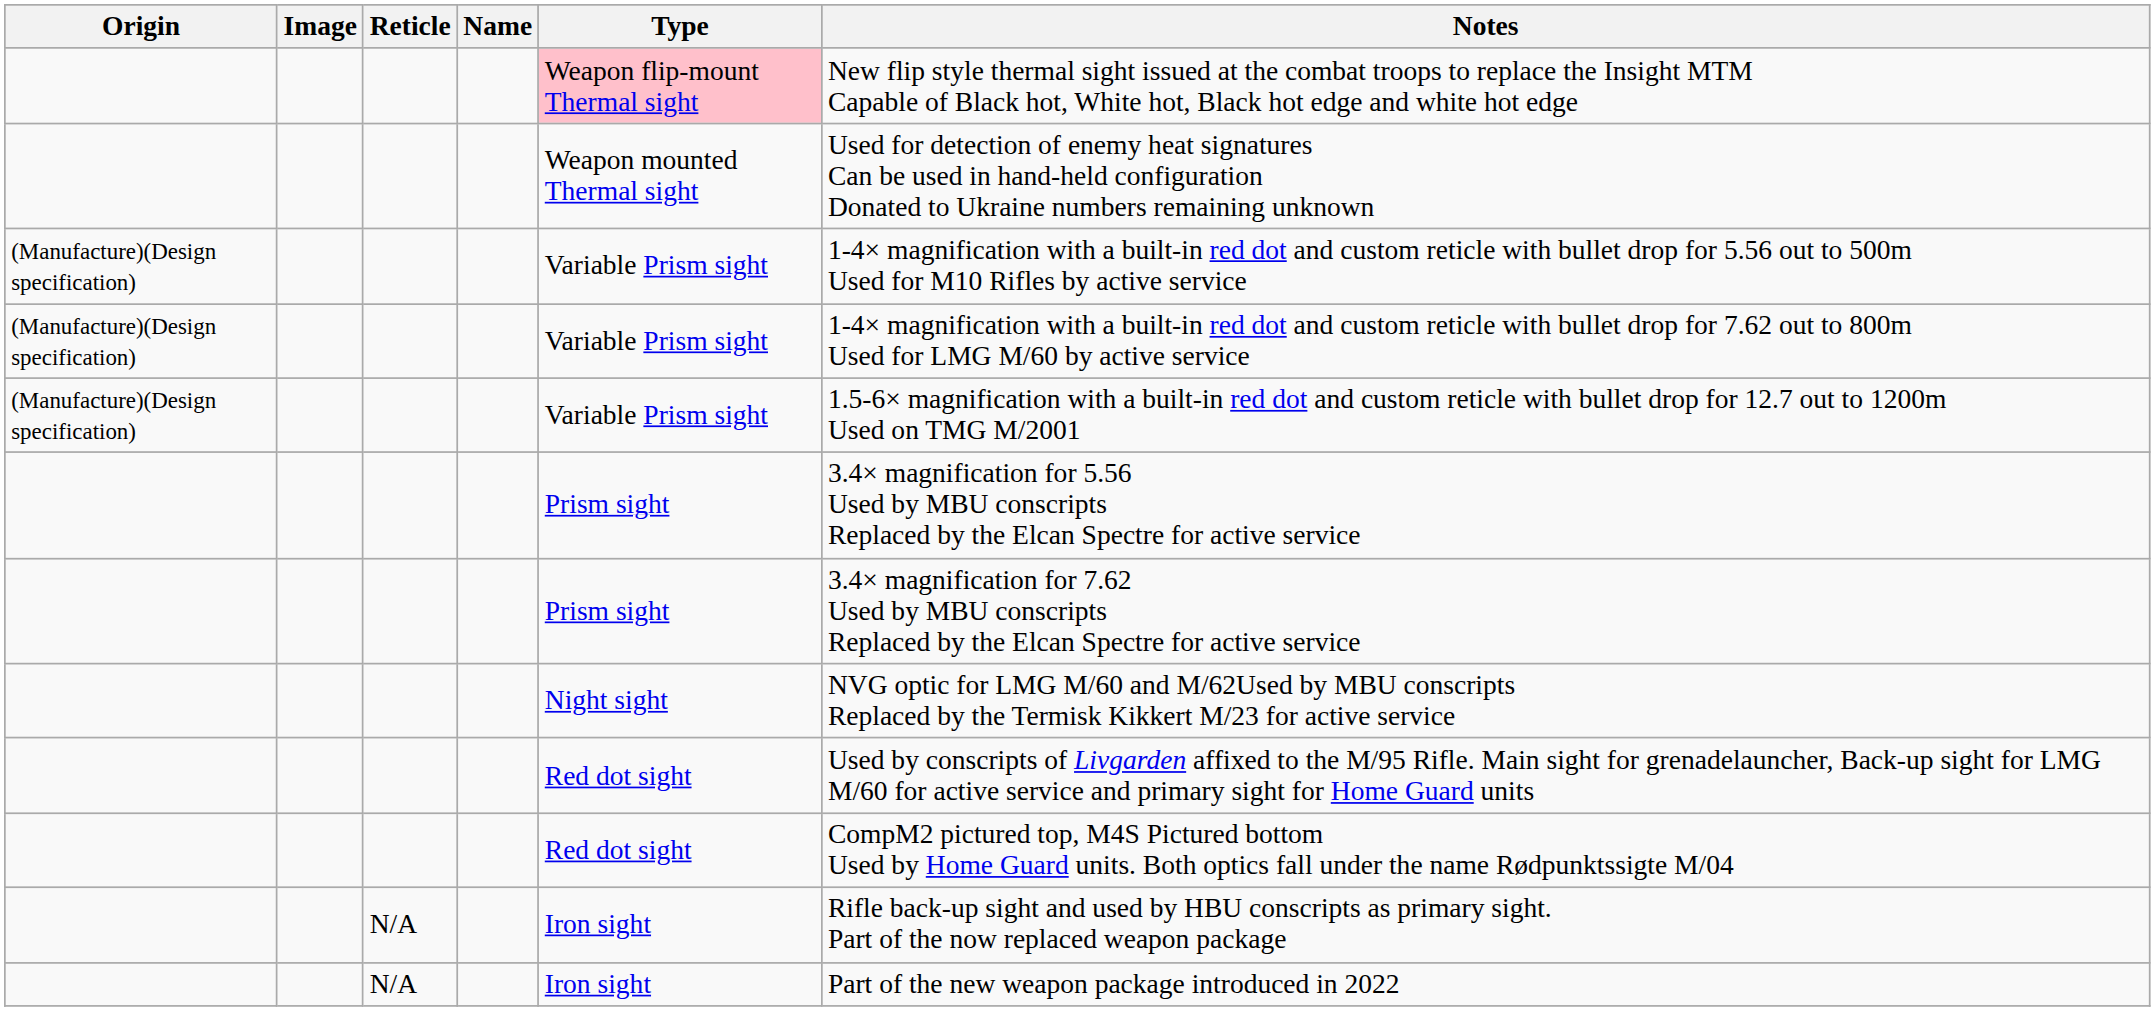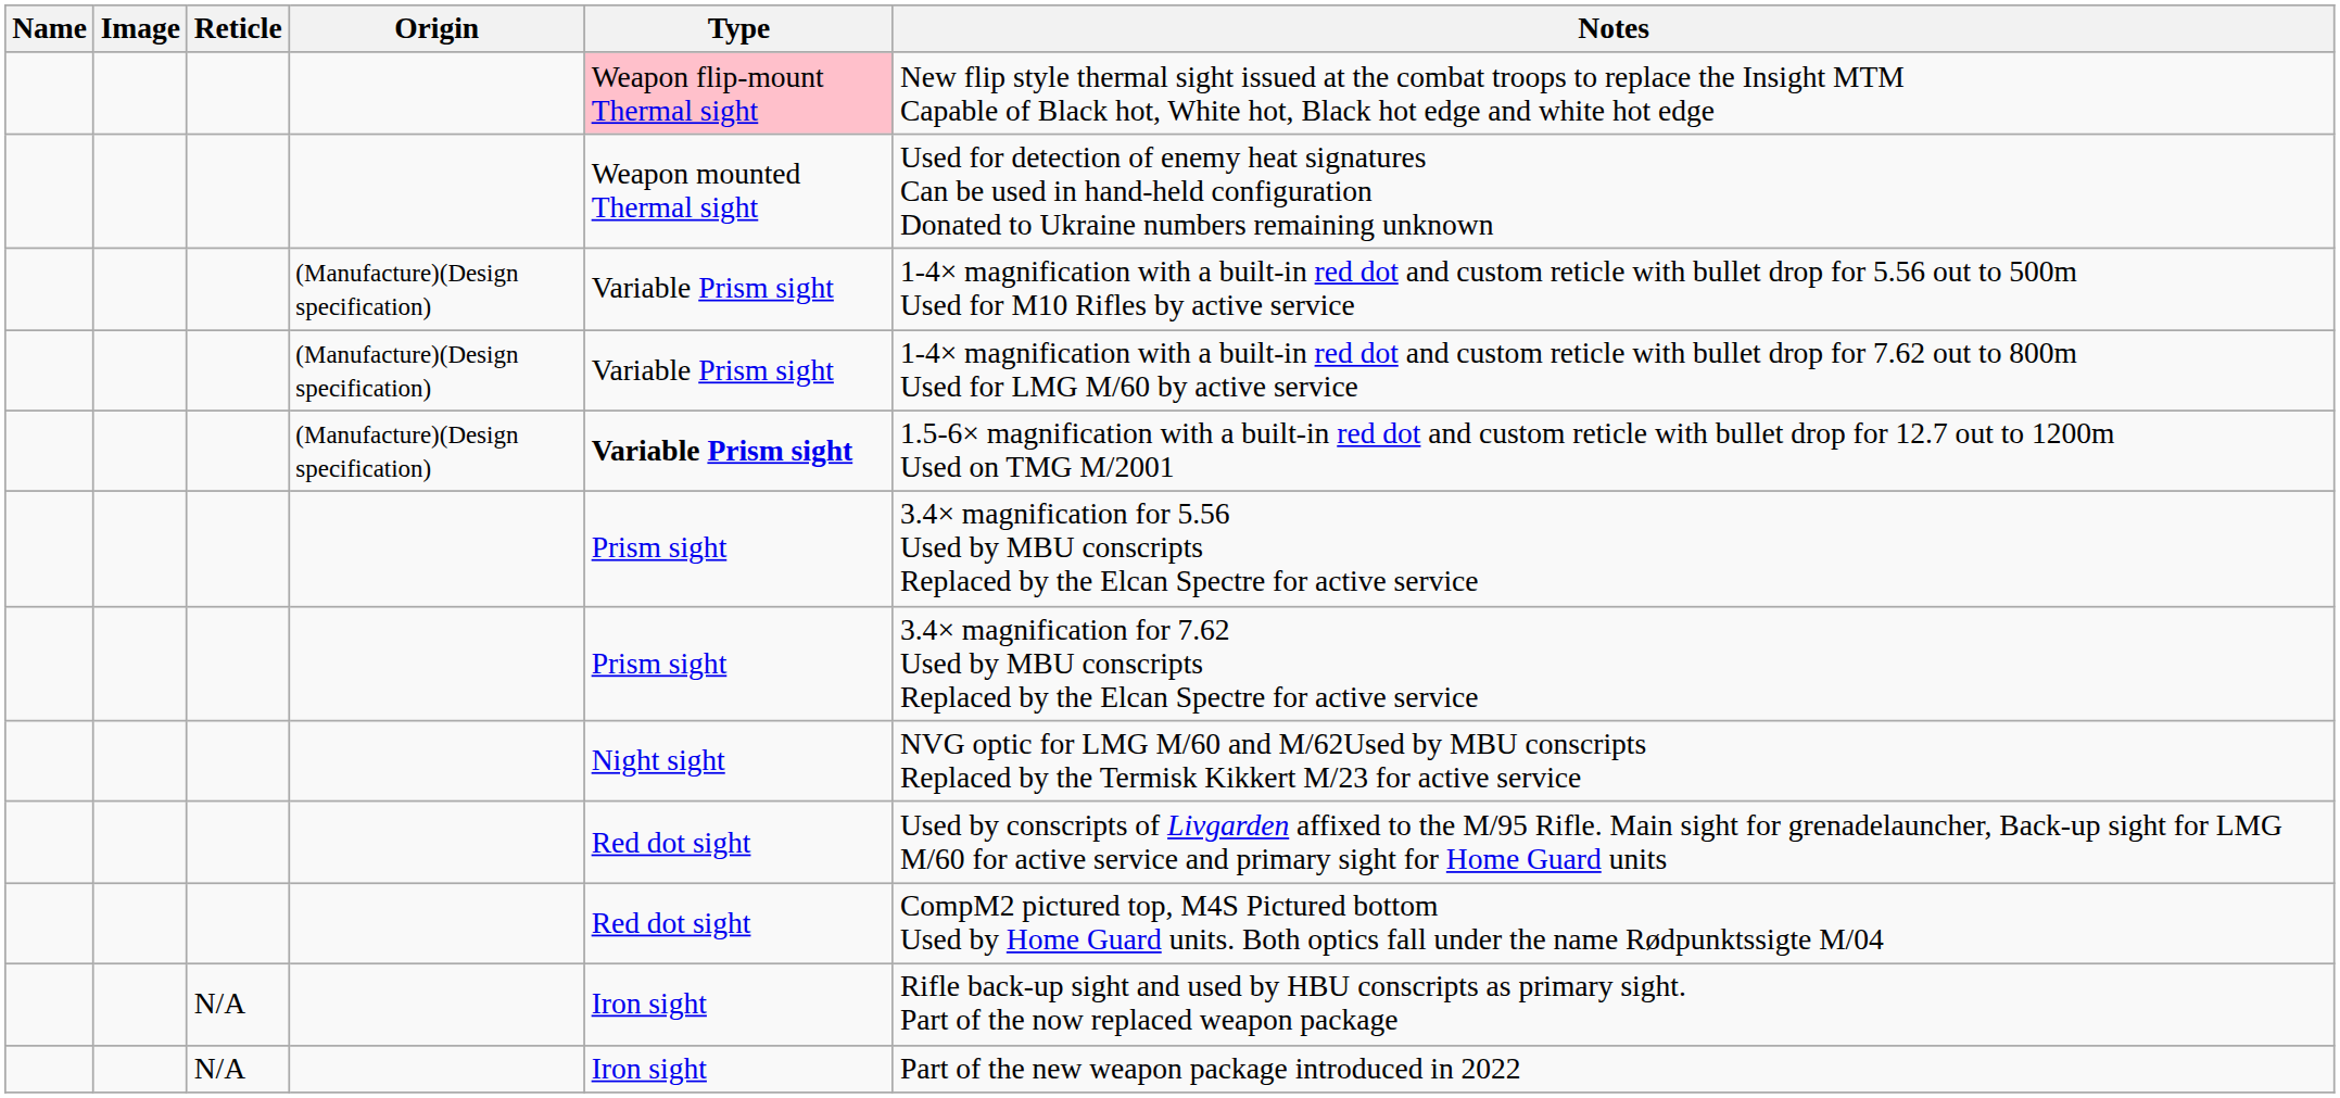 <table class="wikitable">
 <tr>
-<th>Origin</th>
+<th>Name</th>
 <th>Image</th>
 <th>Reticle</th>
-<th>Name</th>
+<th>Origin</th>
 <th>Type</th>
 <th>Notes</th>
 </tr>
 <tr>
 <td></td>
 <td></td>
 <td></td>
 <td></td>
 <td style="background: pink;">Weapon flip-mount <a href='#'>Thermal sight</a></td>
 <td>New flip style thermal sight issued at the combat troops to replace the Insight MTM<br>Capable of Black hot, White hot, Black hot edge and white hot edge</td>
 </tr>
 <tr>
 <td></td>
 <td></td>
 <td></td>
 <td></td>
 <td>Weapon mounted <a href='#'>Thermal sight</a></td>
 <td>Used for detection of enemy heat signatures<br>Can be used in hand-held configuration<br>Donated to Ukraine numbers remaining unknown</td>
 </tr>
 <tr>
-<td><small>(Manufacture)</small><small>(Design specification)</small></td>
 <td></td>
 <td></td>
 <td></td>
+<td><small>(Manufacture)</small><small>(Design specification)</small></td>
 <td>Variable <a href='#'>Prism sight</a></td>
 <td>1-4× magnification with a built-in <a href='#'>red dot</a> and custom reticle with bullet drop for 5.56 out to 500m<br>Used for M10 Rifles by active service</td>
 </tr>
 <tr>
-<td><small>(Manufacture)</small><small>(Design specification)</small></td>
 <td></td>
 <td></td>
 <td></td>
+<td><small>(Manufacture)</small><small>(Design specification)</small></td>
 <td>Variable <a href='#'>Prism sight</a></td>
 <td>1-4× magnification with a built-in <a href='#'>red dot</a> and custom reticle with bullet drop for 7.62 out to 800m<br>Used for LMG M/60 by active service</td>
 </tr>
 <tr>
-<td><small>(Manufacture)</small><small>(Design specification)</small></td>
 <td></td>
 <td></td>
 <td></td>
-<td>Variable <a href='#'>Prism sight</a></td>
+<td><small>(Manufacture)</small><small>(Design specification)</small></td>
+<td><strong>Variable <a href='#'>Prism sight</a></strong></td>
 <td>1.5-6× magnification with a built-in <a href='#'>red dot</a> and custom reticle with bullet drop for 12.7 out to 1200m<br>Used on TMG M/2001</td>
 </tr>
 <tr>
 <td></td>
 <td></td>
 <td></td>
 <td></td>
 <td><a href='#'>Prism sight</a></td>
 <td>3.4× magnification for 5.56<br>Used by MBU conscripts<br>Replaced by the Elcan Spectre for active service</td>
 </tr>
 <tr>
 <td></td>
 <td></td>
 <td></td>
 <td></td>
 <td><a href='#'>Prism sight</a></td>
 <td>3.4× magnification for 7.62<br>Used by MBU conscripts<br>Replaced by the Elcan Spectre for active service</td>
 </tr>
 <tr>
 <td></td>
 <td></td>
 <td></td>
 <td></td>
 <td><a href='#'>Night sight</a></td>
 <td>NVG optic for LMG M/60 and M/62Used by MBU conscripts<br>Replaced by the Termisk Kikkert M/23 for active service</td>
 </tr>
 <tr>
 <td></td>
 <td></td>
 <td></td>
 <td></td>
 <td><a href='#'>Red dot sight</a></td>
 <td>Used by conscripts of <a href='#'><em>Livgarden</em></a> affixed to the M/95 Rifle. Main sight for grenadelauncher, Back-up sight for LMG M/60 for active service and primary sight for <a href='#'>Home Guard</a> units</td>
 </tr>
 <tr>
 <td></td>
 <td><br></td>
 <td></td>
 <td></td>
 <td><a href='#'>Red dot sight</a></td>
 <td>CompM2 pictured top, M4S Pictured bottom<br>Used by <a href='#'>Home Guard</a> units. Both optics fall under the name Rødpunktssigte M/04 </td>
 </tr>
 <tr>
 <td></td>
 <td></td>
 <td>N/A</td>
 <td></td>
 <td><a href='#'>Iron sight</a></td>
 <td>Rifle back-up sight and used by HBU conscripts as primary sight.<br>Part of the now replaced weapon package</td>
 </tr>
 <tr>
 <td></td>
 <td></td>
 <td>N/A</td>
 <td></td>
 <td><a href='#'>Iron sight</a></td>
 <td>Part of the new weapon package introduced in 2022</td>
 </tr>
 </table>
